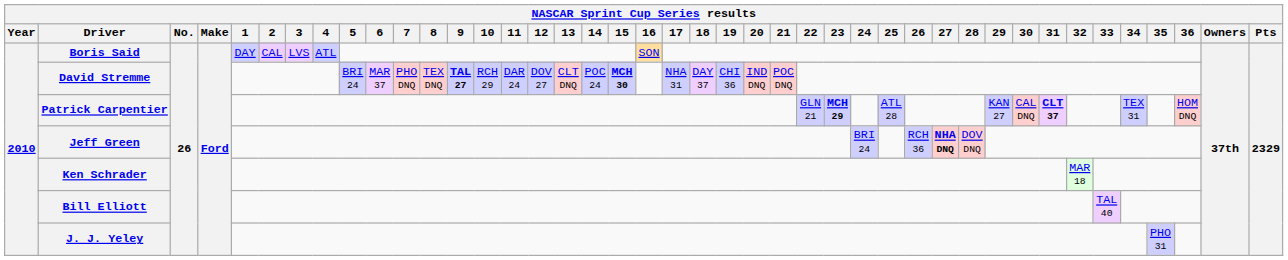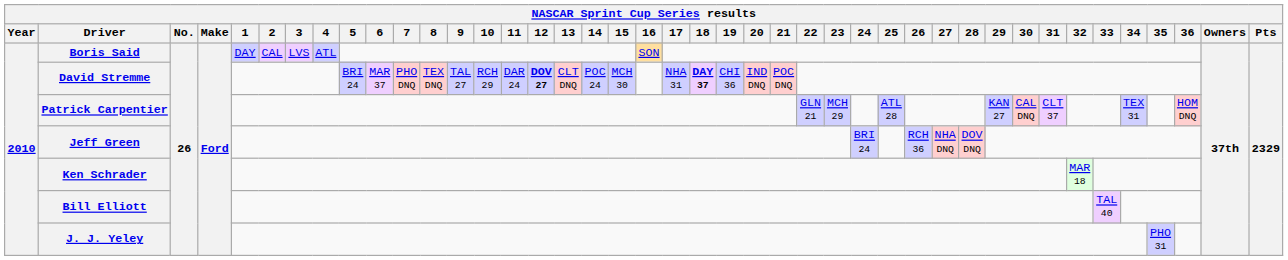 <table class="wikitable" style="text-align:center; font-size:75%">
 <tr>
 <th colspan=45><a href='#'>NASCAR Sprint Cup Series</a> results</th>
 </tr>
 <tr>
 <th>Year</th>
 <th>Driver</th>
 <th>No.</th>
 <th>Make</th>
 <th>1</th>
 <th>2</th>
 <th>3</th>
 <th>4</th>
 <th>5</th>
 <th>6</th>
 <th>7</th>
 <th>8</th>
 <th>9</th>
 <th>10</th>
 <th>11</th>
 <th>12</th>
 <th>13</th>
 <th>14</th>
 <th>15</th>
 <th>16</th>
 <th>17</th>
 <th>18</th>
 <th>19</th>
 <th>20</th>
 <th>21</th>
 <th>22</th>
 <th>23</th>
 <th>24</th>
 <th>25</th>
 <th>26</th>
 <th>27</th>
 <th>28</th>
 <th>29</th>
 <th>30</th>
 <th>31</th>
 <th>32</th>
 <th>33</th>
 <th>34</th>
 <th>35</th>
 <th>36</th>
 <th>Owners</th>
 <th>Pts</th>
 </tr>
 <tr>
 <th rowspan=7><a href='#'>2010</a></th>
 <th><a href='#'>Boris Said</a></th>
 <th rowspan=7>26</th>
 <th rowspan=7><a href='#'>Ford</a></th>
 <td style="background:#CFCFFF;"><a href='#'>DAY</a><br></td>
 <td style="background:#EFCFFF;"><a href='#'>CAL</a><br></td>
 <td style="background:#EFCFFF;"><a href='#'>LVS</a><br></td>
 <td style="background:#CFCFFF;"><a href='#'>ATL</a><br></td>
 <td colspan=11></td>
 <td style="background:#FFDF9F;"><a href='#'>SON</a><br></td>
 <td colspan=20></td>
 <th rowspan=7>37th</th>
 <th rowspan=7>2329</th>
 </tr>
 <tr>
 <th><a href='#'>David Stremme</a></th>
 <td colspan=4></td>
 <td style="background:#CFCFFF;"><a href='#'>BRI</a><br><small>24</small></td>
 <td style="background:#EFCFFF;"><a href='#'>MAR</a><br><small>37</small></td>
 <td style="background:#FFCFCF;"><a href='#'>PHO</a><br><small>DNQ</small></td>
 <td style="background:#FFCFCF;"><a href='#'>TEX</a><br><small>DNQ</small></td>
-<td style="background:#CFCFFF;"><strong><a href='#'>TAL</a><br><small>27</small></strong></td>
+<td style="background:#CFCFFF;"><a href='#'>TAL</a><br><small>27</small></td>
 <td style="background:#CFCFFF;"><a href='#'>RCH</a><br><small>29</small></td>
 <td style="background:#CFCFFF;"><a href='#'>DAR</a><br><small>24</small></td>
-<td style="background:#CFCFFF;"><a href='#'>DOV</a><br><small>27</small></td>
+<td style="background:#CFCFFF;"><strong><a href='#'>DOV</a><br><small>27</small></strong></td>
 <td style="background:#FFCFCF;"><a href='#'>CLT</a><br><small>DNQ</small></td>
 <td style="background:#CFCFFF;"><a href='#'>POC</a><br><small>24</small></td>
-<td style="background:#CFCFFF;"><strong><a href='#'>MCH</a><br><small>30</small></strong></td>
+<td style="background:#CFCFFF;"><a href='#'>MCH</a><br><small>30</small></td>
 <td colspan=1></td>
 <td style="background:#CFCFFF;"><a href='#'>NHA</a><br><small>31</small></td>
-<td style="background:#EFCFFF;"><a href='#'>DAY</a><br><small>37</small></td>
+<td style="background:#EFCFFF;"><strong><a href='#'>DAY</a><br><small>37</small></strong></td>
 <td style="background:#CFCFFF;"><a href='#'>CHI</a><br><small>36</small></td>
 <td style="background:#FFCFCF;"><a href='#'>IND</a><br><small>DNQ</small></td>
 <td style="background:#FFCFCF;"><a href='#'>POC</a><br><small>DNQ</small></td>
 <td colspan=15></td>
 </tr>
 <tr>
 <th><a href='#'>Patrick Carpentier</a></th>
 <td colspan=21></td>
 <td style="background:#CFCFFF;"><a href='#'>GLN</a><br><small>21</small></td>
-<td style="background:#CFCFFF;"><strong><a href='#'>MCH</a><br><small>29</small></strong></td>
+<td style="background:#CFCFFF;"><a href='#'>MCH</a><br><small>29</small></td>
 <td colspan=1></td>
 <td style="background:#CFCFFF;"><a href='#'>ATL</a><br><small>28</small></td>
 <td colspan=3></td>
 <td style="background:#CFCFFF;"><a href='#'>KAN</a><br><small>27</small></td>
 <td style="background:#FFCFCF;"><a href='#'>CAL</a><br><small>DNQ</small></td>
-<td style="background:#EFCFFF;"><strong><a href='#'>CLT</a><br><small>37</small></strong></td>
+<td style="background:#EFCFFF;"><a href='#'>CLT</a><br><small>37</small></td>
 <td colspan=2></td>
 <td style="background:#CFCFFF;"><a href='#'>TEX</a><br><small>31</small></td>
 <td colspan=1></td>
 <td style="background:#FFCFCF;"><a href='#'>HOM</a><br><small>DNQ</small></td>
 </tr>
 <tr>
 <th><a href='#'>Jeff Green</a></th>
 <td colspan=23></td>
 <td style="background:#CFCFFF;"><a href='#'>BRI</a><br><small>24</small></td>
 <td colspan=1></td>
 <td style="background:#CFCFFF;"><a href='#'>RCH</a><br><small>36</small></td>
-<td style="background:#FFCFCF;"><strong><a href='#'>NHA</a><br><small>DNQ</small></strong></td>
+<td style="background:#FFCFCF;"><a href='#'>NHA</a><br><small>DNQ</small></td>
 <td style="background:#FFCFCF;"><a href='#'>DOV</a><br><small>DNQ</small></td>
 <td colspan=8></td>
 </tr>
 <tr>
 <th><a href='#'>Ken Schrader</a></th>
 <td colspan=31></td>
 <td style="background:#DFFFDF;"><a href='#'>MAR</a><br><small>18</small></td>
 <td colspan=4></td>
 </tr>
 <tr>
 <th><a href='#'>Bill Elliott</a></th>
 <td colspan=32></td>
 <td style="background:#EFCFFF;"><a href='#'>TAL</a><br><small>40</small></td>
 <td colspan=3></td>
 </tr>
 <tr>
 <th><a href='#'>J. J. Yeley</a></th>
 <td colspan=34></td>
 <td style="background:#CFCFFF;"><a href='#'>PHO</a><br><small>31</small></td>
 <td colspan=1></td>
 </tr>
 </table>
